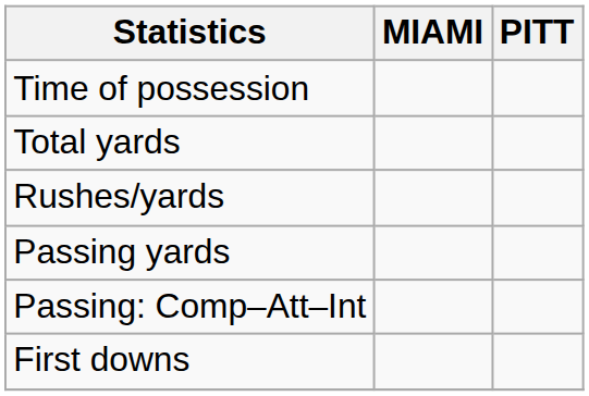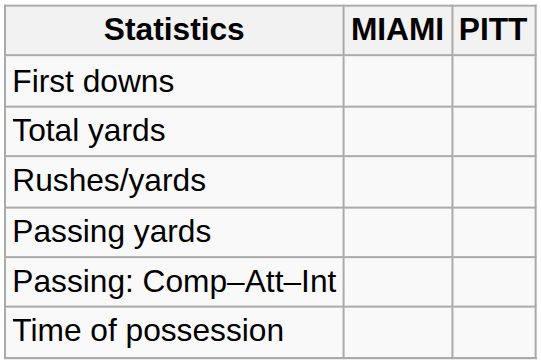 <table class="wikitable" style="float: left;">
 <tr>
 <th>Statistics</th>
 <th>MIAMI</th>
 <th>PITT</th>
 </tr>
 <tr>
-<td>Time of possession</td>
+<td>First downs</td>
 <td></td>
 <td></td>
 </tr>
 <tr>
 <td>Total yards</td>
 <td></td>
 <td></td>
 </tr>
 <tr>
 <td>Rushes/yards</td>
 <td></td>
 <td></td>
 </tr>
 <tr>
 <td>Passing yards</td>
 <td></td>
 <td></td>
 </tr>
 <tr>
 <td>Passing: Comp–Att–Int</td>
 <td></td>
 <td></td>
 </tr>
 <tr>
-<td>First downs</td>
+<td>Time of possession</td>
 <td></td>
 <td></td>
 </tr>
 <tr>
 </tr>
 </table>
